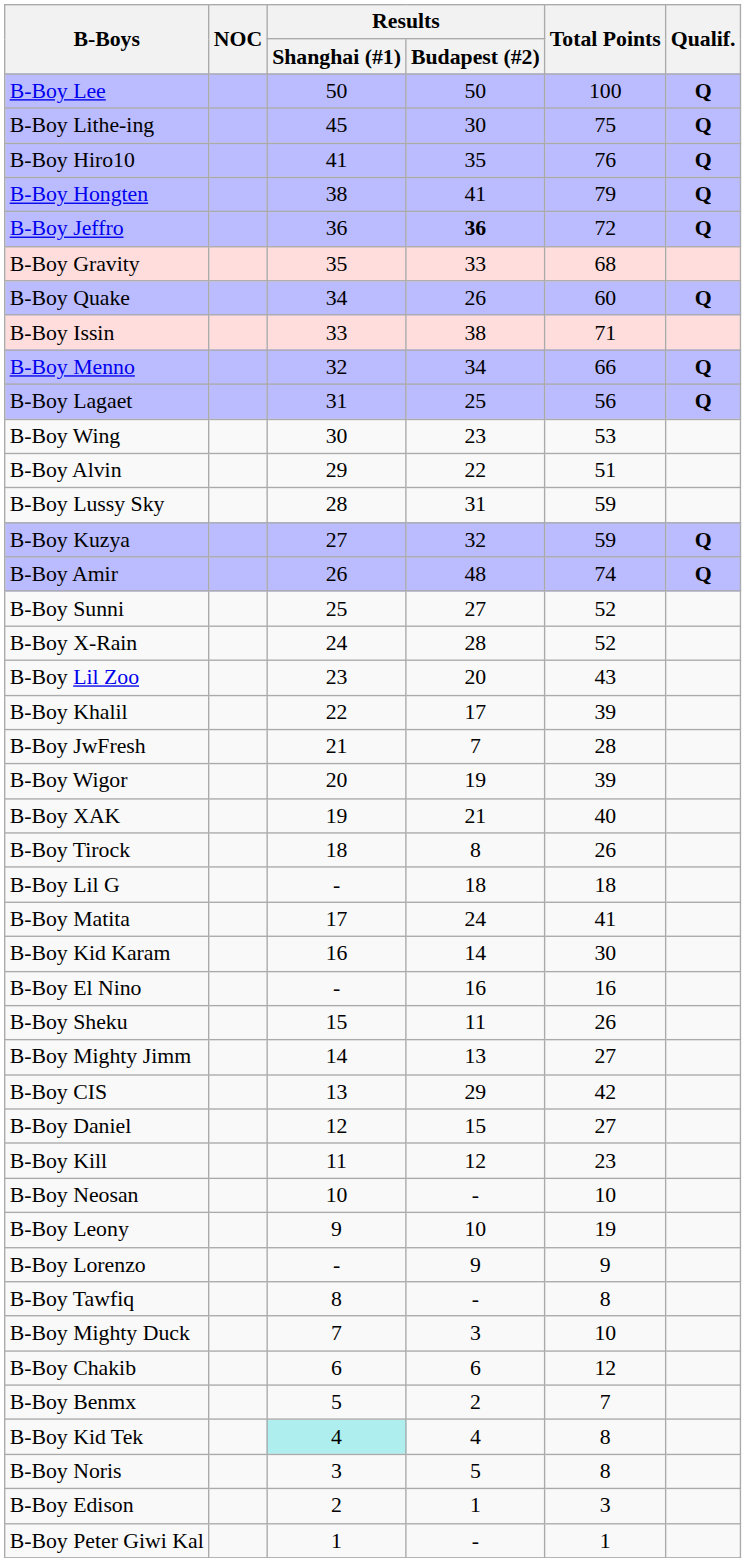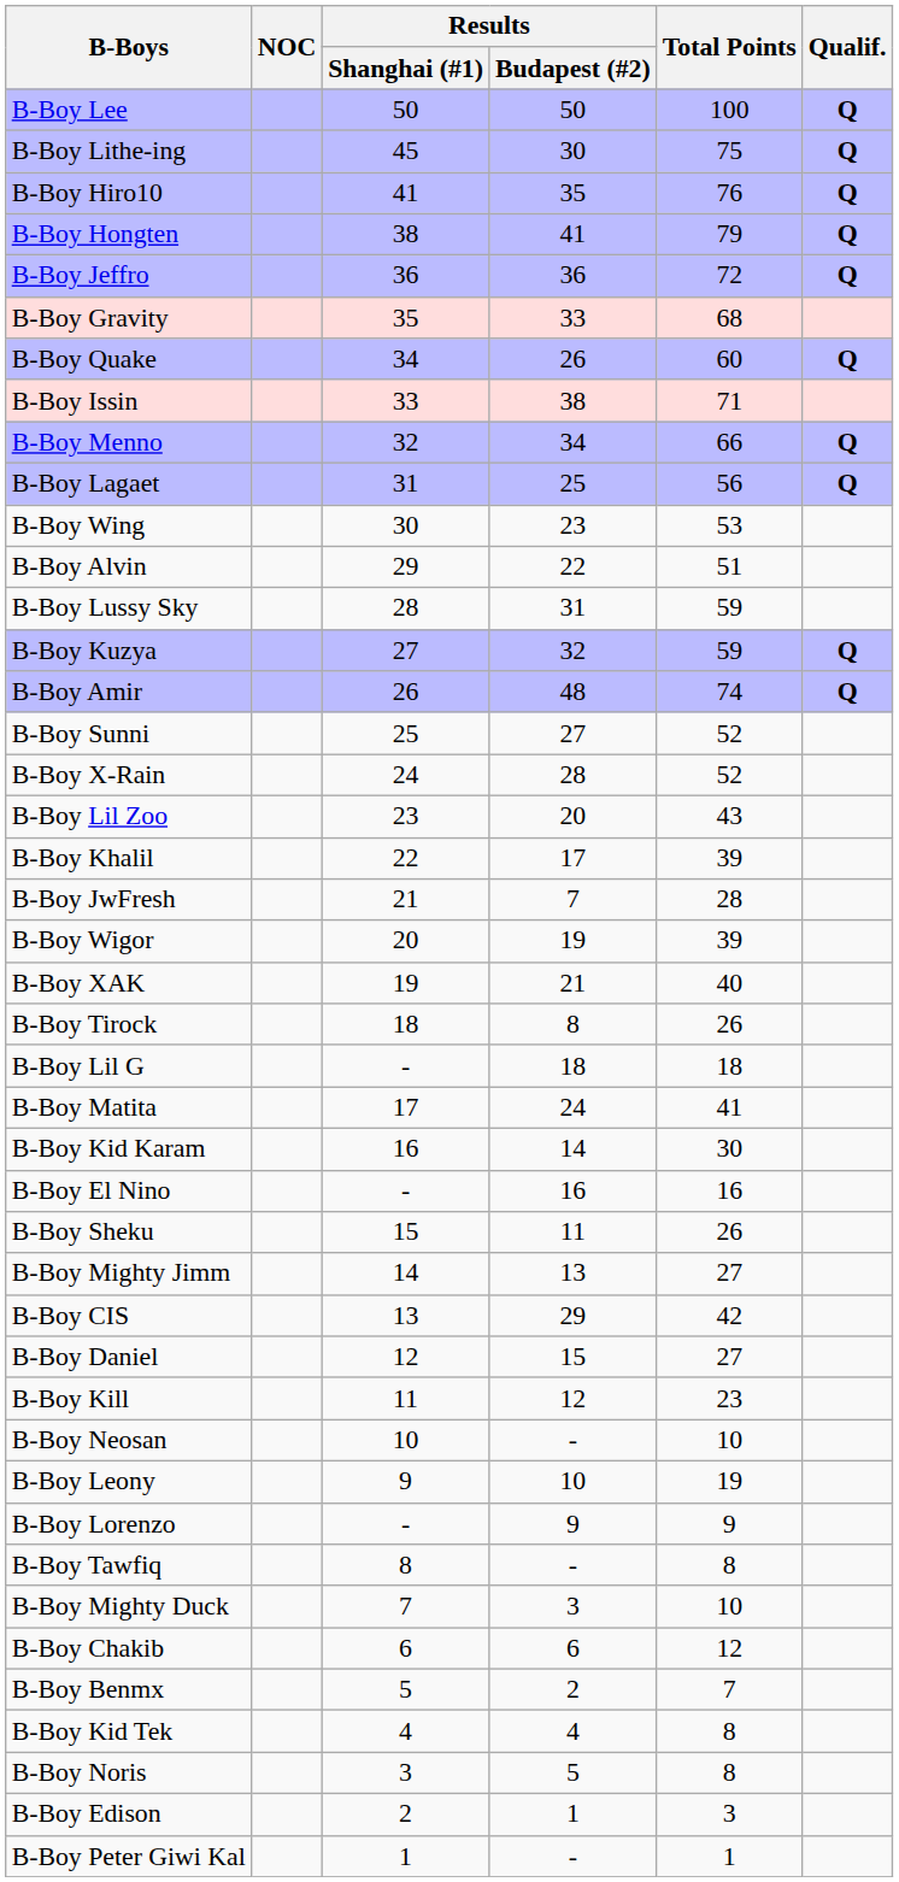 <table class="wikitable sortable" style="text-align:center;">
 <tr>
 <th rowspan="2">B-Boys</th>
 <th rowspan="2">NOC</th>
 <th colspan="2">Results</th>
 <th rowspan="2">Total Points</th>
 <th rowspan="2">Qualif.</th>
 </tr>
 <tr>
 <th>Shanghai (#1)</th>
 <th>Budapest (#2)</th>
 </tr>
 <tr bgcolor=bbbbff>
 <td style="text-align:left;"><a href='#'>B-Boy Lee</a></td>
 <td align=left></td>
 <td>50</td>
 <td>50</td>
 <td>100</td>
 <td><strong>Q</strong></td>
 </tr>
 <tr bgcolor=bbbbff>
 <td style="text-align:left;">B-Boy Lithe-ing</td>
 <td align=left></td>
 <td>45</td>
 <td>30</td>
 <td>75</td>
 <td><strong>Q</strong></td>
 </tr>
 <tr bgcolor=bbbbff>
 <td style="text-align:left;">B-Boy Hiro10</td>
 <td align=left></td>
 <td>41</td>
 <td>35</td>
 <td>76</td>
 <td><strong>Q</strong></td>
 </tr>
 <tr bgcolor=bbbbff>
 <td style="text-align:left;"><a href='#'>B-Boy Hongten</a></td>
 <td align=left></td>
 <td>38</td>
 <td>41</td>
 <td>79</td>
 <td><strong>Q</strong></td>
 </tr>
 <tr bgcolor=bbbbff>
 <td style="text-align:left;"><a href='#'>B-Boy Jeffro</a></td>
 <td align=left></td>
 <td>36</td>
-<td><strong>36</strong></td>
+<td>36</td>
 <td>72</td>
 <td><strong>Q</strong></td>
 </tr>
 <tr bgcolor=ffdddd>
 <td style="text-align:left;">B-Boy Gravity</td>
 <td align=left></td>
 <td>35</td>
 <td>33</td>
 <td>68</td>
 <td></td>
 </tr>
 <tr bgcolor=bbbbff>
 <td style="text-align:left;">B-Boy Quake</td>
 <td align=left></td>
 <td>34</td>
 <td>26</td>
 <td>60</td>
 <td><strong>Q</strong></td>
 </tr>
 <tr bgcolor=ffdddd>
 <td style="text-align:left;">B-Boy Issin</td>
 <td align=left></td>
 <td>33</td>
 <td>38</td>
 <td>71</td>
 <td></td>
 </tr>
 <tr bgcolor=bbbbff>
 <td style="text-align:left;"><a href='#'>B-Boy Menno</a></td>
 <td align=left></td>
 <td>32</td>
 <td>34</td>
 <td>66</td>
 <td><strong>Q</strong></td>
 </tr>
 <tr bgcolor=bbbbff>
 <td style="text-align:left;">B-Boy Lagaet</td>
 <td align=left></td>
 <td>31</td>
 <td>25</td>
 <td>56</td>
 <td><strong>Q</strong></td>
 </tr>
 <tr>
 <td style="text-align:left;">B-Boy Wing</td>
 <td align=left></td>
 <td>30</td>
 <td>23</td>
 <td>53</td>
 <td></td>
 </tr>
 <tr>
 <td style="text-align:left;">B-Boy Alvin</td>
 <td align=left></td>
 <td>29</td>
 <td>22</td>
 <td>51</td>
 <td></td>
 </tr>
 <tr>
 <td style="text-align:left;">B-Boy Lussy Sky</td>
 <td align=left></td>
 <td>28</td>
 <td>31</td>
 <td>59</td>
 <td></td>
 </tr>
 <tr bgcolor=bbbbff>
 <td style="text-align:left;">B-Boy Kuzya</td>
 <td align=left></td>
 <td>27</td>
 <td>32</td>
 <td>59</td>
 <td><strong>Q</strong></td>
 </tr>
 <tr bgcolor=bbbbff>
 <td style="text-align:left;">B-Boy Amir</td>
 <td align=left></td>
 <td>26</td>
 <td>48</td>
 <td>74</td>
 <td><strong>Q</strong></td>
 </tr>
 <tr>
 <td style="text-align:left;">B-Boy Sunni</td>
 <td align=left></td>
 <td>25</td>
 <td>27</td>
 <td>52</td>
 <td></td>
 </tr>
 <tr>
 <td style="text-align:left;">B-Boy X-Rain</td>
 <td align=left></td>
 <td>24</td>
 <td>28</td>
 <td>52</td>
 <td></td>
 </tr>
 <tr>
 <td style="text-align:left;">B-Boy <a href='#'>Lil Zoo</a></td>
 <td align=left></td>
 <td>23</td>
 <td>20</td>
 <td>43</td>
 <td></td>
 </tr>
 <tr>
 <td style="text-align:left;">B-Boy Khalil</td>
 <td align=left></td>
 <td>22</td>
 <td>17</td>
 <td>39</td>
 <td></td>
 </tr>
 <tr>
 <td style="text-align:left;">B-Boy JwFresh</td>
 <td align=left></td>
 <td>21</td>
 <td>7</td>
 <td>28</td>
 <td></td>
 </tr>
 <tr>
 <td style="text-align:left;">B-Boy Wigor</td>
 <td align=left></td>
 <td>20</td>
 <td>19</td>
 <td>39</td>
 <td></td>
 </tr>
 <tr>
 <td style="text-align:left;">B-Boy XAK</td>
 <td align=left></td>
 <td>19</td>
 <td>21</td>
 <td>40</td>
 <td></td>
 </tr>
 <tr>
 <td style="text-align:left;">B-Boy Tirock</td>
 <td align=left></td>
 <td>18</td>
 <td>8</td>
 <td>26</td>
 <td></td>
 </tr>
 <tr>
 <td style="text-align:left;">B-Boy Lil G</td>
 <td align=left></td>
 <td>-</td>
 <td>18</td>
 <td>18</td>
 <td></td>
 </tr>
 <tr>
 <td style="text-align:left;">B-Boy Matita</td>
 <td align=left></td>
 <td>17</td>
 <td>24</td>
 <td>41</td>
 <td></td>
 </tr>
 <tr>
 <td style="text-align:left;">B-Boy Kid Karam</td>
 <td align=left></td>
 <td>16</td>
 <td>14</td>
 <td>30</td>
 <td></td>
 </tr>
 <tr>
 <td style="text-align:left;">B-Boy El Nino</td>
 <td align=left></td>
 <td>-</td>
 <td>16</td>
 <td>16</td>
 <td></td>
 </tr>
 <tr>
 <td style="text-align:left;">B-Boy Sheku</td>
 <td align=left></td>
 <td>15</td>
 <td>11</td>
 <td>26</td>
 <td></td>
 </tr>
 <tr>
 <td style="text-align:left;">B-Boy Mighty Jimm</td>
 <td align=left></td>
 <td>14</td>
 <td>13</td>
 <td>27</td>
 <td></td>
 </tr>
 <tr>
 <td style="text-align:left;">B-Boy CIS</td>
 <td align=left></td>
 <td>13</td>
 <td>29</td>
 <td>42</td>
 <td></td>
 </tr>
 <tr>
 <td style="text-align:left;">B-Boy Daniel</td>
 <td align=left></td>
 <td>12</td>
 <td>15</td>
 <td>27</td>
 <td></td>
 </tr>
 <tr>
 <td style="text-align:left;">B-Boy Kill</td>
 <td align=left></td>
 <td>11</td>
 <td>12</td>
 <td>23</td>
 <td></td>
 </tr>
 <tr>
 <td style="text-align:left;">B-Boy Neosan</td>
 <td align=left></td>
 <td>10</td>
 <td>-</td>
 <td>10</td>
 <td></td>
 </tr>
 <tr>
 <td style="text-align:left;">B-Boy Leony</td>
 <td align=left></td>
 <td>9</td>
 <td>10</td>
 <td>19</td>
 <td></td>
 </tr>
 <tr>
 <td style="text-align:left;">B-Boy Lorenzo</td>
 <td align=left></td>
 <td>-</td>
 <td>9</td>
 <td>9</td>
 <td></td>
 </tr>
 <tr>
 <td style="text-align:left;">B-Boy Tawfiq</td>
 <td align=left></td>
 <td>8</td>
 <td>-</td>
 <td>8</td>
 <td></td>
 </tr>
 <tr>
 <td style="text-align:left;">B-Boy Mighty Duck</td>
 <td align=left></td>
 <td>7</td>
 <td>3</td>
 <td>10</td>
 <td></td>
 </tr>
 <tr>
 <td style="text-align:left;">B-Boy Chakib</td>
 <td align=left></td>
 <td>6</td>
 <td>6</td>
 <td>12</td>
 <td></td>
 </tr>
 <tr>
 <td style="text-align:left;">B-Boy Benmx</td>
 <td align=left></td>
 <td>5</td>
 <td>2</td>
 <td>7</td>
 <td></td>
 </tr>
 <tr>
 <td style="text-align:left;">B-Boy Kid Tek</td>
 <td align=left></td>
-<td style="background: paleturquoise;">4</td>
+<td>4</td>
 <td>4</td>
 <td>8</td>
 <td></td>
 </tr>
 <tr>
 <td style="text-align:left;">B-Boy Noris</td>
 <td align=left></td>
 <td>3</td>
 <td>5</td>
 <td>8</td>
 <td></td>
 </tr>
 <tr>
 <td style="text-align:left;">B-Boy Edison</td>
 <td align=left></td>
 <td>2</td>
 <td>1</td>
 <td>3</td>
 <td></td>
 </tr>
 <tr>
 <td style="text-align:left;">B-Boy Peter Giwi Kal</td>
 <td align=left></td>
 <td>1</td>
 <td>-</td>
 <td>1</td>
 <td></td>
 </tr>
 </table>
